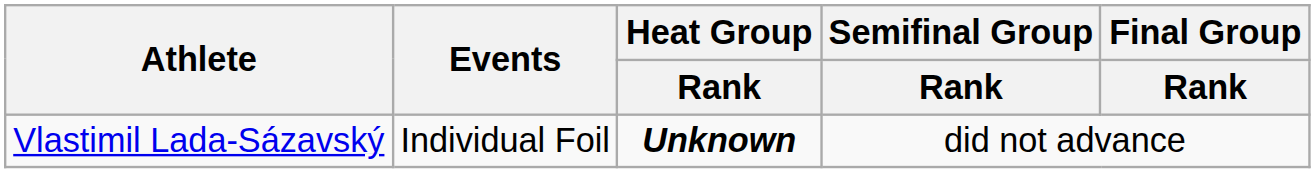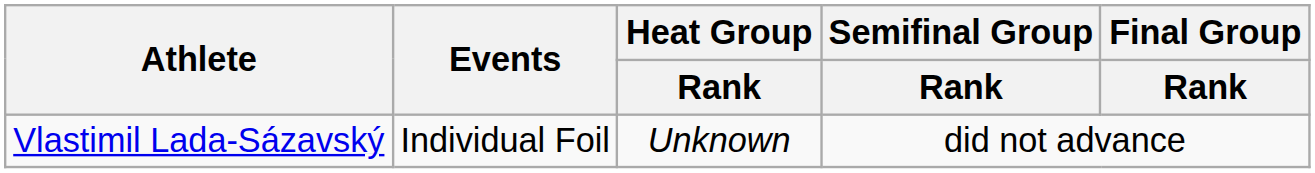 <table class=wikitable style="font-size:90%">
 <tr>
 <th rowspan="2">Athlete</th>
 <th rowspan="2">Events</th>
 <th>Heat Group</th>
 <th>Semifinal Group</th>
 <th>Final Group</th>
 </tr>
 <tr>
 <th>Rank</th>
 <th>Rank</th>
 <th>Rank</th>
 </tr>
 <tr>
 <td><a href='#'>Vlastimil Lada-Sázavský</a></td>
 <td rowspan=2>Individual Foil</td>
-<td align="center"><strong><em>Unknown</em></strong></td>
+<td align="center"><em>Unknown</em></td>
 <td align="center" colspan=2>did not advance</td>
 </tr>
 </table>
